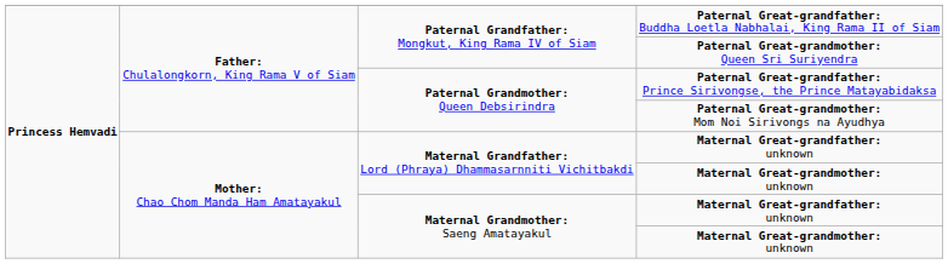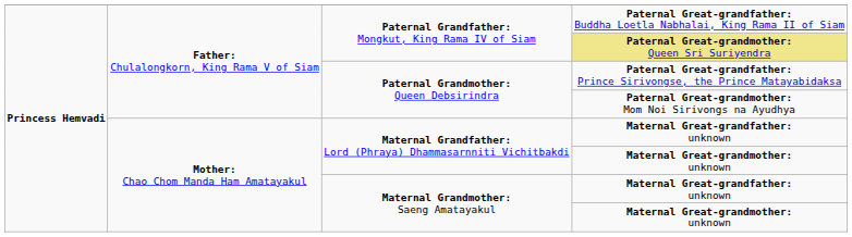 <table class="wikitable">
 <tr>
 </tr>
 <tr>
 <td rowspan="8" align="center"><strong>Princess Hemvadi</strong></td>
 <td rowspan="4" align="center"><strong>Father:</strong><br><a href='#'>Chulalongkorn, King Rama V of Siam</a></td>
 <td rowspan="2" align="center"><strong>Paternal Grandfather:</strong><br><a href='#'>Mongkut, King Rama IV of Siam</a></td>
 <td align = "center"><strong>Paternal Great-grandfather:</strong><br><a href='#'>Buddha Loetla Nabhalai, King Rama II of Siam</a></td>
 </tr>
 <tr>
-<td align = "center"><strong>Paternal Great-grandmother:</strong><br><a href='#'>Queen Sri Suriyendra</a></td>
+<td align = "center" style="background: khaki;"><strong>Paternal Great-grandmother:</strong><br><a href='#'>Queen Sri Suriyendra</a></td>
 </tr>
 <tr>
 <td rowspan="2" align="center"><strong>Paternal Grandmother:</strong><br><a href='#'>Queen Debsirindra</a></td>
 <td align = "center"><strong>Paternal Great-grandfather:</strong><br><a href='#'>Prince Sirivongse, the Prince Matayabidaksa</a></td>
 </tr>
 <tr>
 <td align = "center"><strong>Paternal Great-grandmother:</strong><br>Mom Noi Sirivongs na Ayudhya</td>
 </tr>
 <tr>
 <td rowspan="4" align="center"><strong>Mother:</strong><br><a href='#'>Chao Chom Manda Ham Amatayakul</a></td>
 <td rowspan="2" align="center"><strong>Maternal Grandfather:</strong><br><a href='#'>Lord (Phraya) Dhammasarnniti Vichitbakdi</a></td>
 <td align = "center"><strong>Maternal Great-grandfather:</strong><br>unknown</td>
 </tr>
 <tr>
 <td align = "center"><strong>Maternal Great-grandmother:</strong><br>unknown</td>
 </tr>
 <tr>
 <td rowspan="2" align="center"><strong>Maternal Grandmother:</strong><br>Saeng Amatayakul</td>
 <td align = "center"><strong>Maternal Great-grandfather:</strong><br>unknown</td>
 </tr>
 <tr>
 <td align = "center"><strong>Maternal Great-grandmother:</strong><br>unknown</td>
 </tr>
 </table>
